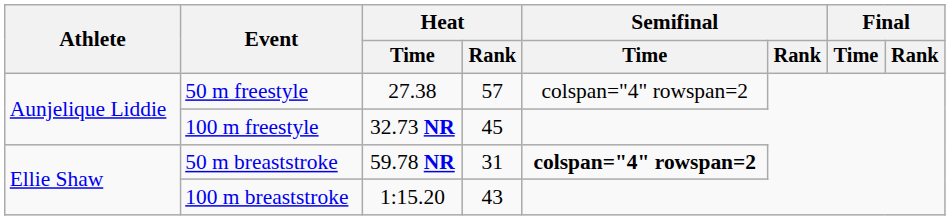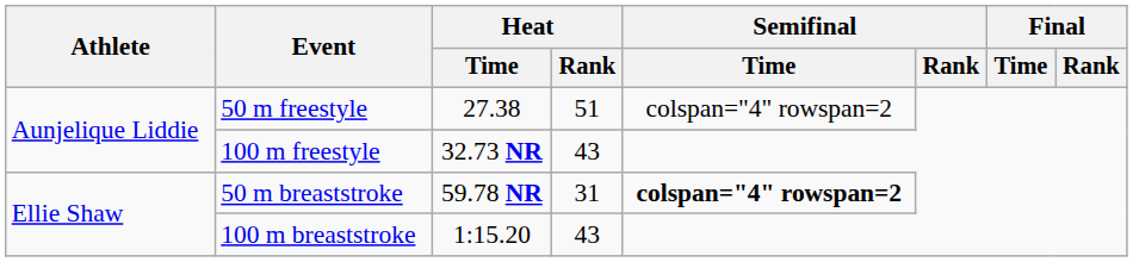 <table class="wikitable" style="text-align:center; font-size:90%; width:50%;">
 <tr>
 <th rowspan="2">Athlete</th>
 <th rowspan="2">Event</th>
 <th colspan="2">Heat</th>
 <th colspan="2">Semifinal</th>
 <th colspan="2">Final</th>
 </tr>
 <tr style="font-size:95%">
 <th>Time</th>
 <th>Rank</th>
 <th>Time</th>
 <th>Rank</th>
 <th>Time</th>
 <th>Rank</th>
 </tr>
 <tr>
 <td align=left rowspan=2><a href='#'>Aunjelique Liddie</a></td>
 <td align=left><a href='#'>50 m freestyle</a></td>
 <td>27.38</td>
-<td>57</td>
+<td>51</td>
 <td>colspan="4" rowspan=2</td>
 </tr>
 <tr>
 <td align=left><a href='#'>100 m freestyle</a></td>
 <td>32.73 <strong><a href='#'>NR</a></strong></td>
-<td>45</td>
+<td>43</td>
 </tr>
 <tr>
 <td align=left rowspan=2><a href='#'>Ellie Shaw</a></td>
 <td align=left><a href='#'>50 m breaststroke</a></td>
 <td>59.78 <strong><a href='#'>NR</a></strong></td>
 <td>31</td>
 <td><strong>colspan="4" rowspan=2</strong></td>
 </tr>
 <tr>
 <td align=left><a href='#'>100 m breaststroke</a></td>
 <td>1:15.20</td>
 <td>43</td>
 </tr>
 </table>
